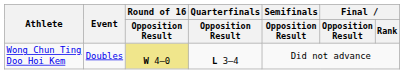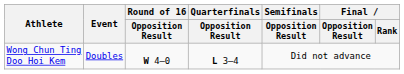 <table class="wikitable" style="font-size:90%;">
 <tr>
 <th rowspan=2>Athlete</th>
 <th rowspan=2>Event</th>
 <th>Round of 16</th>
 <th>Quarterfinals</th>
 <th>Semifinals</th>
 <th colspan=2>Final / </th>
 </tr>
 <tr style="font-size:95%">
 <th>Opposition<br>Result</th>
 <th>Opposition<br>Result</th>
 <th>Opposition<br>Result</th>
 <th>Opposition<br>Result</th>
 <th>Rank</th>
 </tr>
 <tr align=center>
 <td align=left><a href='#'>Wong Chun Ting</a><br><a href='#'>Doo Hoi Kem</a></td>
 <td align=left><a href='#'>Doubles</a></td>
-<td style="background: khaki;"><br><strong>W</strong> 4–0</td>
+<td><br><strong>W</strong> 4–0</td>
 <td><br><strong>L</strong> 3–4</td>
 <td colspan=3>Did not advance</td>
 </tr>
 </table>
